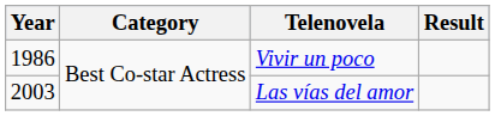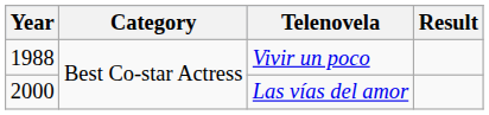 <table class="wikitable">
 <tr style="background:#b0c4de;">
 <th>Year</th>
 <th>Category</th>
 <th>Telenovela</th>
 <th>Result</th>
 </tr>
 <tr>
-<td>1986</td>
+<td>1988</td>
 <td rowspan=2>Best Co-star Actress</td>
 <td><em><a href='#'>Vivir un poco</a></em></td>
 <td></td>
 </tr>
 <tr>
-<td>2003</td>
+<td>2000</td>
 <td><em><a href='#'>Las vías del amor</a></em></td>
 <td></td>
 </tr>
 </table>
